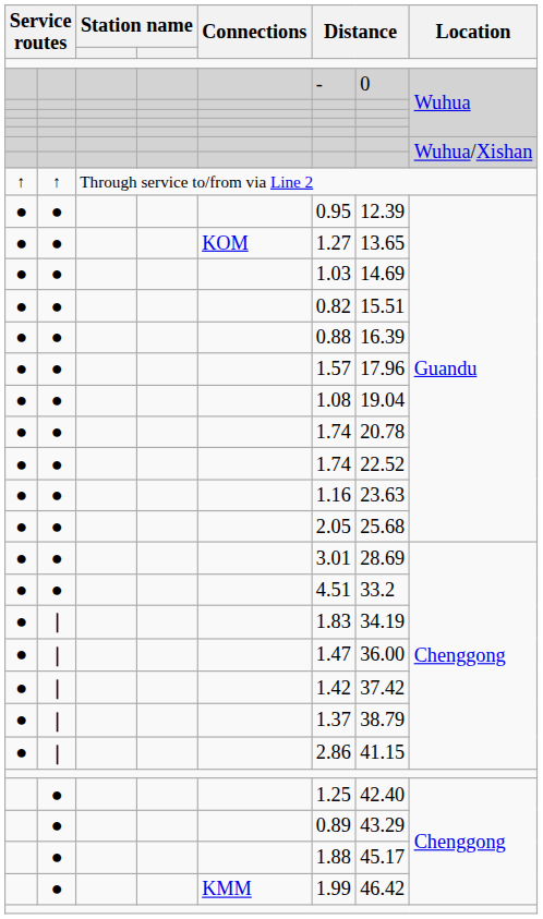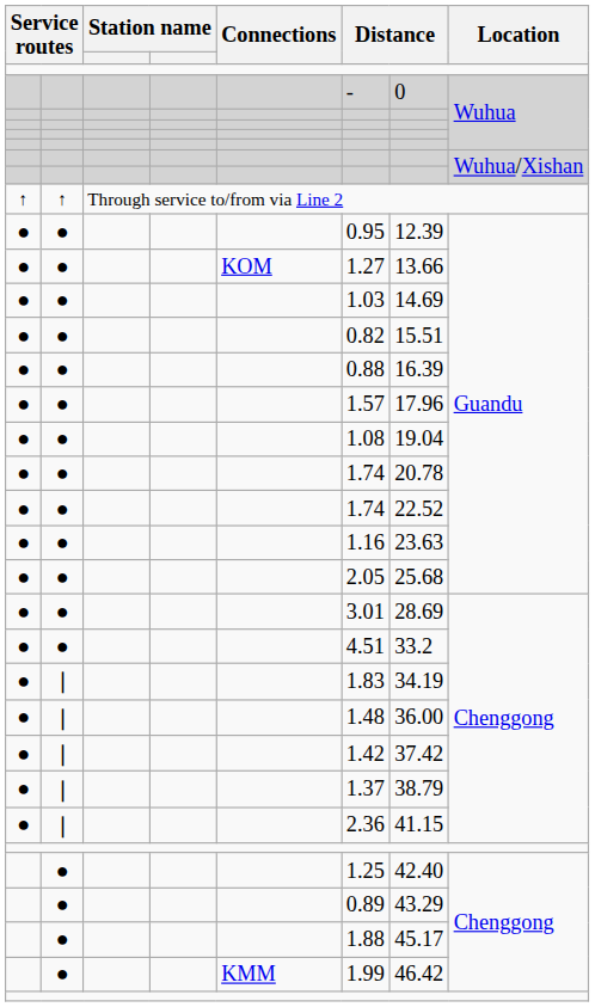 <table class="wikitable">
 <tr>
 <th rowspan="2" colspan="2">Service<br>routes</th>
 <th colspan="2">Station name</th>
 <th rowspan="2">Connections</th>
 <th colspan="2" rowspan="2">Distance<br></th>
 <th rowspan="2">Location</th>
 </tr>
 <tr>
 <th></th>
 <th></th>
 </tr>
 <tr style="background:#">
 <td colspan = "8"></td>
 </tr>
 <tr bgcolor="lightgrey">
 <td align="center"></td>
 <td align="center"></td>
 <td><em></em></td>
 <td></td>
 <td></td>
 <td>-</td>
 <td>0</td>
 <td style = "border-top:solid 0;" rowspan="5"><a href='#'>Wuhua</a></td>
 </tr>
 <tr bgcolor="lightgrey">
 <td align="center"></td>
 <td align="center"></td>
 <td><em></em></td>
 <td></td>
 <td></td>
 <td></td>
 <td></td>
 </tr>
 <tr bgcolor="lightgrey">
 <td align="center"></td>
 <td align="center"></td>
 <td><em></em></td>
 <td></td>
 <td></td>
 <td></td>
 <td></td>
 </tr>
 <tr bgcolor="lightgrey">
 <td align="center"></td>
 <td align="center"></td>
 <td><em></em></td>
 <td></td>
 <td></td>
 <td></td>
 <td></td>
 </tr>
 <tr bgcolor="lightgrey">
 <td align="center"></td>
 <td align="center"></td>
 <td><em></em></td>
 <td></td>
 <td></td>
 <td></td>
 <td></td>
 </tr>
 <tr bgcolor="lightgrey">
 <td align="center"></td>
 <td align="center"></td>
 <td><em></em></td>
 <td></td>
 <td></td>
 <td></td>
 <td></td>
 <td style = "border-top:solid 0;" rowspan="2"><a href='#'>Wuhua</a>/<a href='#'>Xishan</a></td>
 </tr>
 <tr bgcolor="lightgrey">
 <td align="center"></td>
 <td align="center"></td>
 <td><em></em></td>
 <td></td>
 <td></td>
 <td></td>
 <td></td>
 </tr>
 <tr style="font-size:smaller">
 <td align="center" style="background:#">↑</td>
 <td align="center" style="background:#">↑</td>
 <td colspan=7>Through service to/from  via <a href='#'>Line 2</a></td>
 </tr>
 <tr>
 <td align="center" style = "border-top:solid 0; border-bottom:solid 0;">●</td>
 <td align="center" style = "border-top:solid 0; border-bottom:solid 0;">●</td>
 <td></td>
 <td></td>
 <td></td>
 <td>0.95</td>
 <td>12.39</td>
 <td style = "border-top:solid 0;" rowspan="11"><a href='#'>Guandu</a></td>
 </tr>
 <tr>
 <td align="center">●</td>
 <td align="center">●</td>
 <td></td>
 <td></td>
 <td>  <a href='#'>KOM</a></td>
 <td>1.27</td>
-<td>13.65</td>
+<td>13.66</td>
 </tr>
 <tr>
 <td align="center">●</td>
 <td align="center">●</td>
 <td></td>
 <td></td>
 <td></td>
 <td>1.03</td>
 <td>14.69</td>
 </tr>
 <tr>
 <td align="center">●</td>
 <td align="center">●</td>
 <td></td>
 <td></td>
 <td></td>
 <td>0.82</td>
 <td>15.51</td>
 </tr>
 <tr>
 <td align="center">●</td>
 <td align="center">●</td>
 <td></td>
 <td></td>
 <td></td>
 <td>0.88</td>
 <td>16.39</td>
 </tr>
 <tr>
 <td align="center">●</td>
 <td align="center">●</td>
 <td></td>
 <td></td>
 <td></td>
 <td>1.57</td>
 <td>17.96</td>
 </tr>
 <tr>
 <td align="center">●</td>
 <td align="center">●</td>
 <td></td>
 <td></td>
 <td></td>
 <td>1.08</td>
 <td>19.04</td>
 </tr>
 <tr>
 <td align="center">●</td>
 <td align="center">●</td>
 <td></td>
 <td></td>
 <td></td>
 <td>1.74</td>
 <td>20.78</td>
 </tr>
 <tr>
 <td align="center">●</td>
 <td align="center">●</td>
 <td></td>
 <td></td>
 <td></td>
 <td>1.74</td>
 <td>22.52</td>
 </tr>
 <tr>
 <td align="center">●</td>
 <td align="center">●</td>
 <td></td>
 <td></td>
 <td></td>
 <td>1.16</td>
 <td>23.63</td>
 </tr>
 <tr>
 <td align="center">●</td>
 <td align="center">●</td>
 <td></td>
 <td></td>
 <td></td>
 <td>2.05</td>
 <td>25.68</td>
 </tr>
 <tr>
 <td align="center">●</td>
 <td align="center">●</td>
 <td></td>
 <td></td>
 <td></td>
 <td>3.01</td>
 <td>28.69</td>
 <td rowspan="7"><a href='#'>Chenggong</a></td>
 </tr>
 <tr>
 <td align="center">●</td>
 <td align="center">●</td>
 <td></td>
 <td></td>
 <td></td>
 <td>4.51</td>
 <td>33.2</td>
 </tr>
 <tr>
 <td align="center">●</td>
 <td align="center">❘</td>
 <td></td>
 <td></td>
 <td></td>
 <td>1.83</td>
 <td>34.19</td>
 </tr>
 <tr>
 <td align="center">●</td>
 <td align="center">❘</td>
 <td></td>
 <td></td>
 <td></td>
-<td>1.47</td>
+<td>1.48</td>
 <td>36.00</td>
 </tr>
 <tr>
 <td align="center">●</td>
 <td align="center">❘</td>
 <td></td>
 <td></td>
 <td></td>
 <td>1.42</td>
 <td>37.42</td>
 </tr>
 <tr>
 <td align="center">●</td>
 <td align="center">❘</td>
 <td></td>
 <td></td>
 <td></td>
 <td>1.37</td>
 <td>38.79</td>
 </tr>
 <tr>
 <td align="center">●</td>
 <td align="center">❘</td>
 <td></td>
 <td></td>
 <td></td>
-<td>2.86</td>
+<td>2.36</td>
 <td>41.15</td>
 </tr>
 <tr style="background:#">
 <td colspan = "8"></td>
 </tr>
 <tr>
 <td align="center"></td>
 <td align="center">●</td>
 <td></td>
 <td></td>
 <td></td>
 <td>1.25</td>
 <td>42.40</td>
 <td rowspan="4"><a href='#'>Chenggong</a></td>
 </tr>
 <tr>
 <td align="center"></td>
 <td align="center">●</td>
 <td></td>
 <td></td>
 <td></td>
 <td>0.89</td>
 <td>43.29</td>
 </tr>
 <tr>
 <td align="center"></td>
 <td align="center">●</td>
 <td></td>
 <td></td>
 <td></td>
 <td>1.88</td>
 <td>45.17</td>
 </tr>
 <tr>
 <td align="center"></td>
 <td align="center">●</td>
 <td></td>
 <td></td>
 <td>  <a href='#'>KMM</a></td>
 <td>1.99</td>
 <td>46.42</td>
 </tr>
 <tr style="background:#">
 <td colspan = "8"></td>
 </tr>
 </table>
